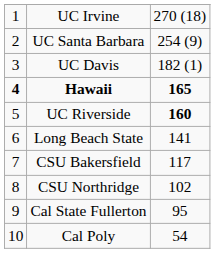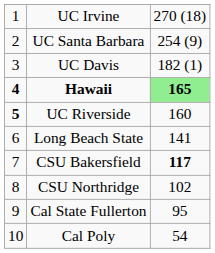 <table class="wikitable">
 <tr align="center">
 </tr>
 <tr align="center">
 <td>1</td>
 <td>UC Irvine</td>
 <td>270 (18)</td>
 </tr>
 <tr align="center">
 <td>2</td>
 <td>UC Santa Barbara</td>
 <td>254 (9)</td>
 </tr>
 <tr align="center">
 <td>3</td>
 <td>UC Davis</td>
 <td>182 (1)</td>
 </tr>
 <tr align="center">
 <td><strong>4</strong></td>
 <td><strong>Hawaii</strong></td>
-<td><strong>165</strong></td>
+<td style="background: lightgreen;"><strong>165</strong></td>
 </tr>
 <tr align="center">
-<td>5</td>
+<td><strong>5</strong></td>
 <td>UC Riverside</td>
-<td><strong>160</strong></td>
+<td>160</td>
 </tr>
 <tr align="center">
 <td>6</td>
 <td>Long Beach State</td>
 <td>141</td>
 </tr>
 <tr align="center">
 <td>7</td>
 <td>CSU Bakersfield</td>
-<td>117</td>
+<td><strong>117</strong></td>
 </tr>
 <tr align="center">
 <td>8</td>
 <td>CSU Northridge</td>
 <td>102</td>
 </tr>
 <tr align="center">
 <td>9</td>
 <td>Cal State Fullerton</td>
 <td>95</td>
 </tr>
 <tr align="center">
 <td>10</td>
 <td>Cal Poly</td>
 <td>54</td>
 </tr>
 </table>
